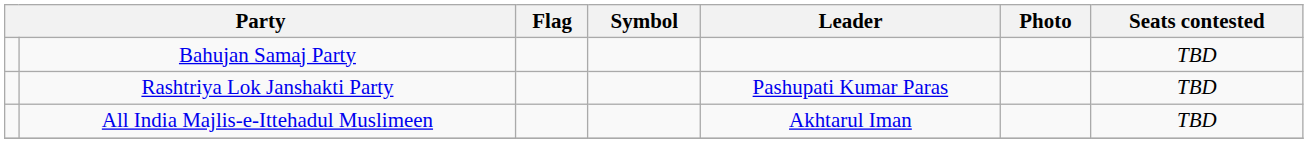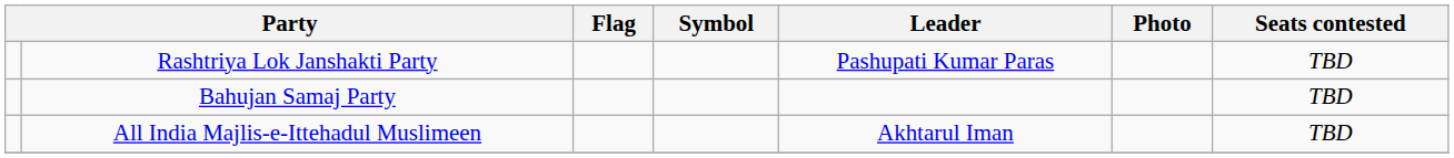 <table class="wikitable" width="50%" style="text-align:center;">
 <tr>
 <th colspan="2">Party</th>
 <th>Flag</th>
 <th>Symbol</th>
 <th>Leader</th>
 <th>Photo</th>
 <th>Seats contested</th>
 </tr>
 <tr>
 <td></td>
-<td><a href='#'>Bahujan Samaj Party</a></td>
+<td><a href='#'>Rashtriya Lok Janshakti Party</a></td>
 <td></td>
 <td></td>
-<td></td>
+<td><a href='#'>Pashupati Kumar Paras</a></td>
 <td></td>
 <td><em>TBD</em></td>
 </tr>
 <tr>
 <td></td>
-<td><a href='#'>Rashtriya Lok Janshakti Party</a></td>
+<td><a href='#'>Bahujan Samaj Party</a></td>
 <td></td>
 <td></td>
-<td><a href='#'>Pashupati Kumar Paras</a></td>
+<td></td>
 <td></td>
 <td><em>TBD</em></td>
 </tr>
 <tr>
 <td></td>
 <td><a href='#'>All India Majlis-e-Ittehadul Muslimeen</a></td>
 <td></td>
 <td></td>
 <td><a href='#'>Akhtarul Iman</a></td>
 <td></td>
 <td><em>TBD</em></td>
 </tr>
 <tr>
 </tr>
 </table>
